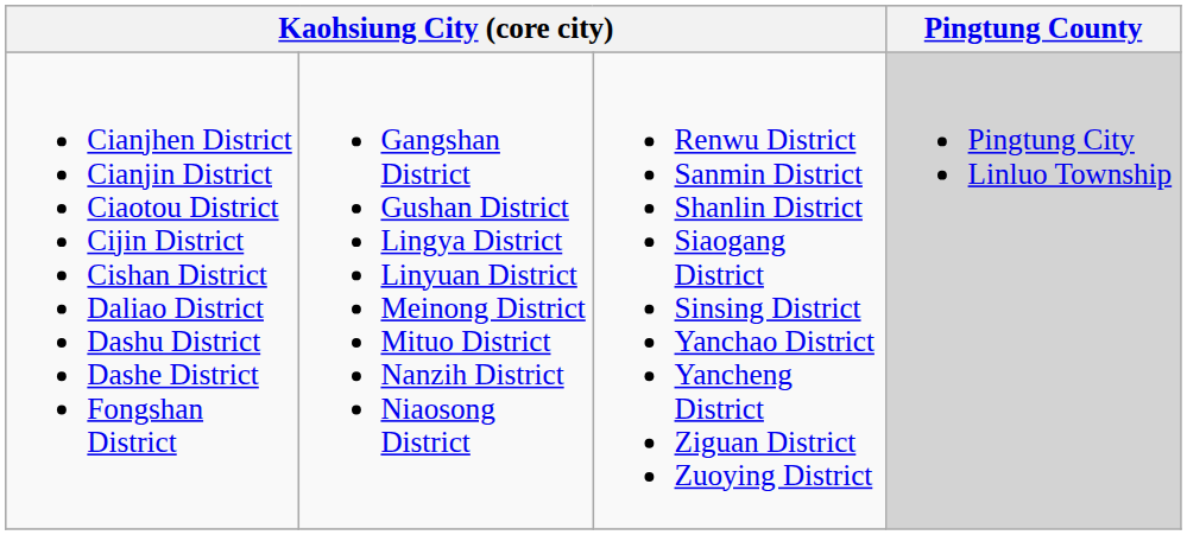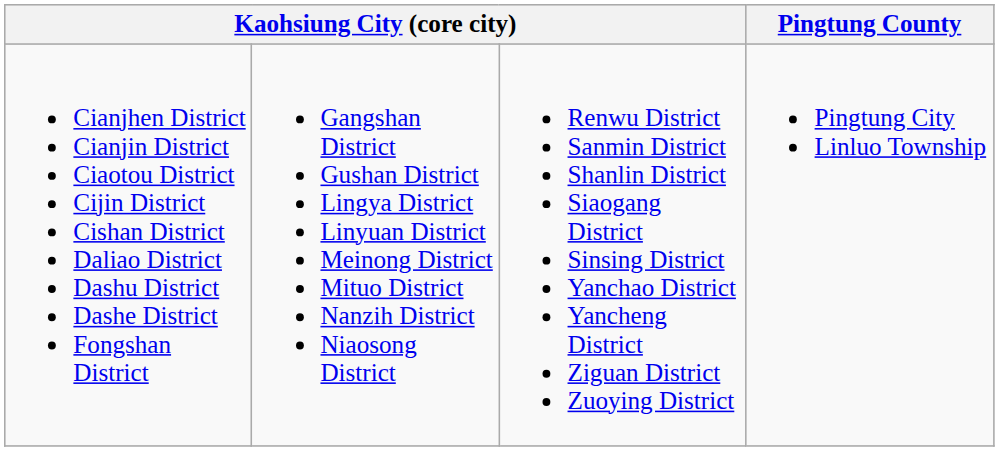 <table class=wikitable>
 <tr>
 <th colspan=3><a href='#'>Kaohsiung City</a> (core city)</th>
 <th><a href='#'>Pingtung County</a></th>
 </tr>
 <tr>
 <td width=150 valign=top><br><ul><li><a href='#'>Cianjhen District</a></li><li><a href='#'>Cianjin District</a></li><li><a href='#'>Ciaotou District</a></li><li><a href='#'>Cijin District</a></li><li><a href='#'>Cishan District</a></li><li><a href='#'>Daliao District</a></li><li><a href='#'>Dashu District</a></li><li><a href='#'>Dashe District</a></li><li><a href='#'>Fongshan District</a></li></ul></td>
 <td width=150 valign=top><br><ul><li><a href='#'>Gangshan District</a></li><li><a href='#'>Gushan District</a></li><li><a href='#'>Lingya District</a></li><li><a href='#'>Linyuan District</a></li><li><a href='#'>Meinong District</a></li><li><a href='#'>Mituo District</a></li><li><a href='#'>Nanzih District</a></li><li><a href='#'>Niaosong District</a></li></ul></td>
 <td width=150 valign=top><br><ul><li><a href='#'>Renwu District</a></li><li><a href='#'>Sanmin District</a></li><li><a href='#'>Shanlin District</a></li><li><a href='#'>Siaogang District</a></li><li><a href='#'>Sinsing District</a></li><li><a href='#'>Yanchao District</a></li><li><a href='#'>Yancheng District</a></li><li><a href='#'>Ziguan District</a></li><li><a href='#'>Zuoying District</a></li></ul></td>
-<td width=150 valign=top style="background: lightgrey;"><br><ul><li><a href='#'>Pingtung City</a></li><li><a href='#'>Linluo Township</a></li></ul></td>
+<td width=150 valign=top><br><ul><li><a href='#'>Pingtung City</a></li><li><a href='#'>Linluo Township</a></li></ul></td>
 </tr>
 </table>
